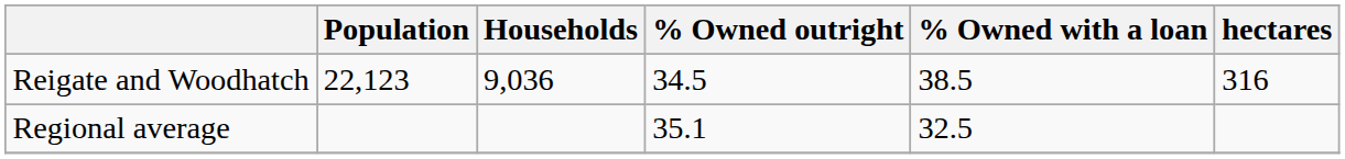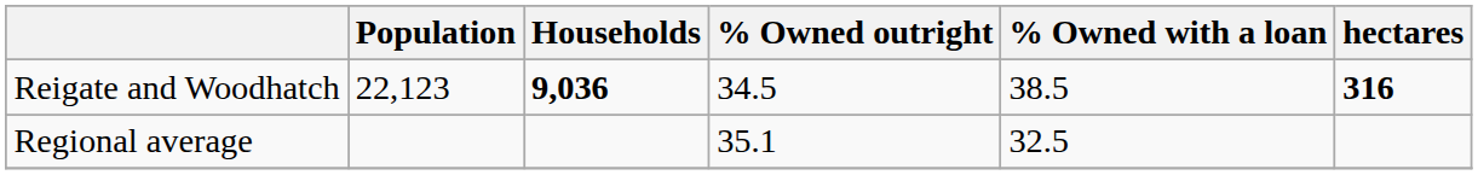 <table class="wikitable">
 <tr>
 <th></th>
 <th>Population</th>
 <th>Households</th>
 <th>% Owned outright</th>
 <th>% Owned with a loan</th>
 <th>hectares</th>
 </tr>
 <tr>
 <td>Reigate and Woodhatch</td>
 <td>22,123</td>
-<td>9,036</td>
+<td><strong>9,036</strong></td>
 <td>34.5</td>
 <td>38.5</td>
-<td>316</td>
+<td><strong>316</strong></td>
 </tr>
 <tr>
 <td>Regional average</td>
 <td></td>
 <td></td>
 <td>35.1</td>
 <td>32.5</td>
 <td></td>
 </tr>
 <tr>
 </tr>
 </table>
